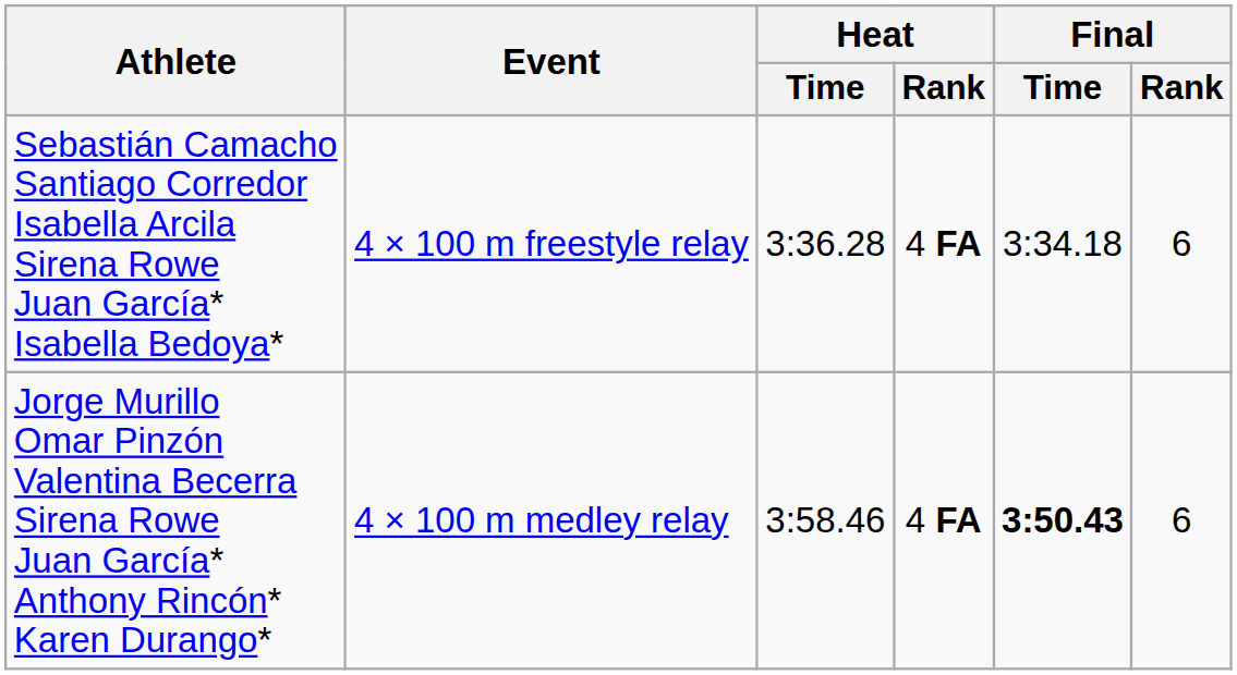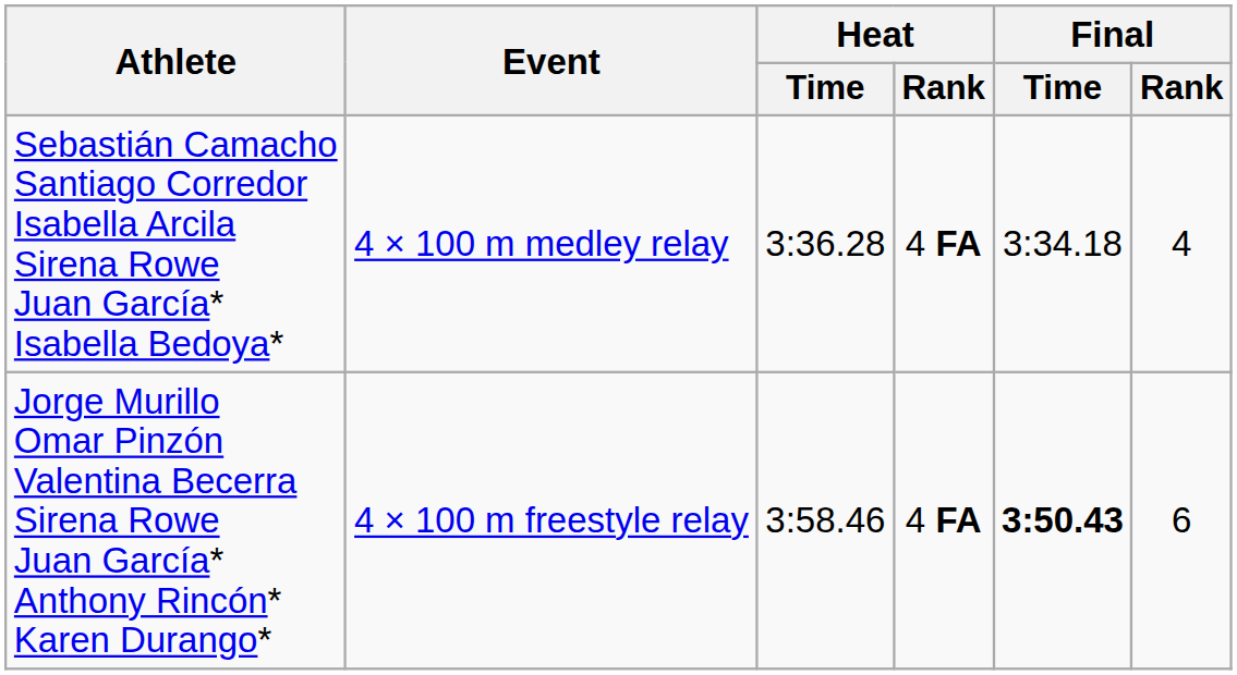 <table class=wikitable style=font-size:90%;text-align:center>
 <tr>
 <th rowspan=2>Athlete</th>
 <th rowspan=2>Event</th>
 <th colspan=2>Heat</th>
 <th colspan=2>Final</th>
 </tr>
 <tr style=font-size:95%>
 <th>Time</th>
 <th>Rank</th>
 <th>Time</th>
 <th>Rank</th>
 </tr>
 <tr>
 <td align=left><a href='#'>Sebastián Camacho</a><br><a href='#'>Santiago Corredor</a><br><a href='#'>Isabella Arcila</a><br><a href='#'>Sirena Rowe</a><br><a href='#'>Juan García</a>*<br><a href='#'>Isabella Bedoya</a>*</td>
-<td align=left><a href='#'>4 × 100 m freestyle relay</a></td>
+<td align=left><a href='#'>4 × 100 m medley relay</a></td>
 <td>3:36.28</td>
 <td>4 <strong>FA</strong></td>
 <td>3:34.18</td>
-<td>6</td>
+<td>4</td>
 </tr>
 <tr>
 <td align=left><a href='#'>Jorge Murillo</a><br><a href='#'>Omar Pinzón</a><br><a href='#'>Valentina Becerra</a><br><a href='#'>Sirena Rowe</a><br><a href='#'>Juan García</a>*<br><a href='#'>Anthony Rincón</a>*<br><a href='#'>Karen Durango</a>*</td>
-<td align=left><a href='#'>4 × 100 m medley relay</a></td>
+<td align=left><a href='#'>4 × 100 m freestyle relay</a></td>
 <td>3:58.46</td>
 <td>4 <strong>FA</strong></td>
 <td><strong>3:50.43</strong></td>
 <td>6</td>
 </tr>
 </table>
